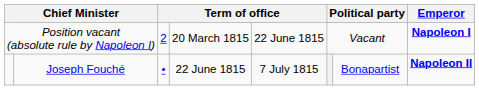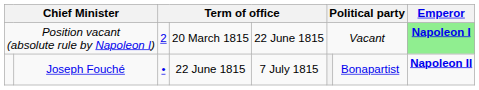 <table class="wikitable" style="text-align:center;">
 <tr>
 <th colspan=2>Chief Minister</th>
 <th colspan=3>Term of office</th>
 <th colspan=2>Political party</th>
 <th><a href='#'>Emperor</a><br></th>
 </tr>
 <tr>
 <td colspan=2><em>Position vacant<br>(absolute rule by <a href='#'>Napoleon I</a>)</em></td>
 <td><a href='#'>2</a></td>
 <td>20 March 1815</td>
 <td>22 June 1815</td>
 <td colspan=2><em>Vacant</em></td>
-<td><strong><a href='#'>Napoleon I</a></strong><br><br></td>
+<td style="background: lightgreen;"><strong><a href='#'>Napoleon I</a></strong><br><br></td>
 </tr>
 <tr>
 <td></td>
 <td><a href='#'>Joseph Fouché</a><br></td>
 <td><a href='#'>•</a></td>
 <td>22 June 1815</td>
 <td>7 July 1815</td>
 <th style="background:"></th>
 <td><a href='#'>Bonapartist</a></td>
 <td><strong><a href='#'>Napoleon II</a></strong><br><br></td>
 </tr>
 </table>
